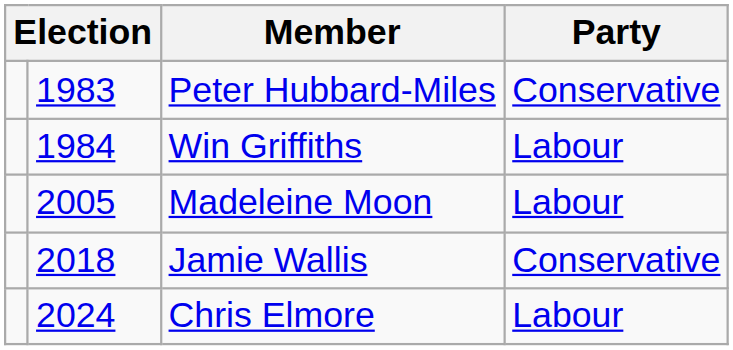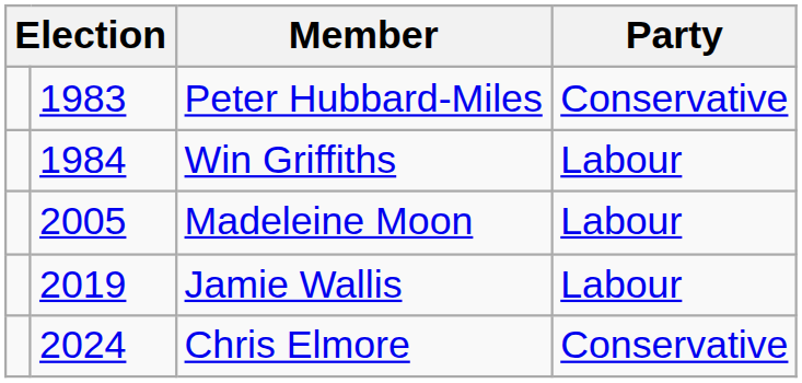 <table class="wikitable">
 <tr>
 <th colspan="2">Election</th>
 <th>Member</th>
 <th>Party</th>
 </tr>
 <tr>
 <td style="color:inherit;background-color: "></td>
 <td><a href='#'>1983</a></td>
 <td><a href='#'>Peter Hubbard-Miles</a></td>
 <td><a href='#'>Conservative</a></td>
 </tr>
 <tr>
 <td style="color:inherit;background-color: "></td>
 <td><a href='#'>1984</a></td>
 <td><a href='#'>Win Griffiths</a></td>
 <td><a href='#'>Labour</a></td>
 </tr>
 <tr>
 <td style="color:inherit;background-color: "></td>
 <td><a href='#'>2005</a></td>
 <td><a href='#'>Madeleine Moon</a></td>
 <td><a href='#'>Labour</a></td>
 </tr>
 <tr>
 <td style="color:inherit;background-color: "></td>
-<td><a href='#'>2018</a></td>
+<td><a href='#'>2019</a></td>
 <td><a href='#'>Jamie Wallis</a></td>
-<td><a href='#'>Conservative</a></td>
+<td><a href='#'>Labour</a></td>
 </tr>
 <tr>
 <td style="color:inherit;background-color: "></td>
 <td><a href='#'>2024</a></td>
 <td><a href='#'>Chris Elmore</a></td>
-<td><a href='#'>Labour</a></td>
+<td><a href='#'>Conservative</a></td>
 </tr>
 </table>
